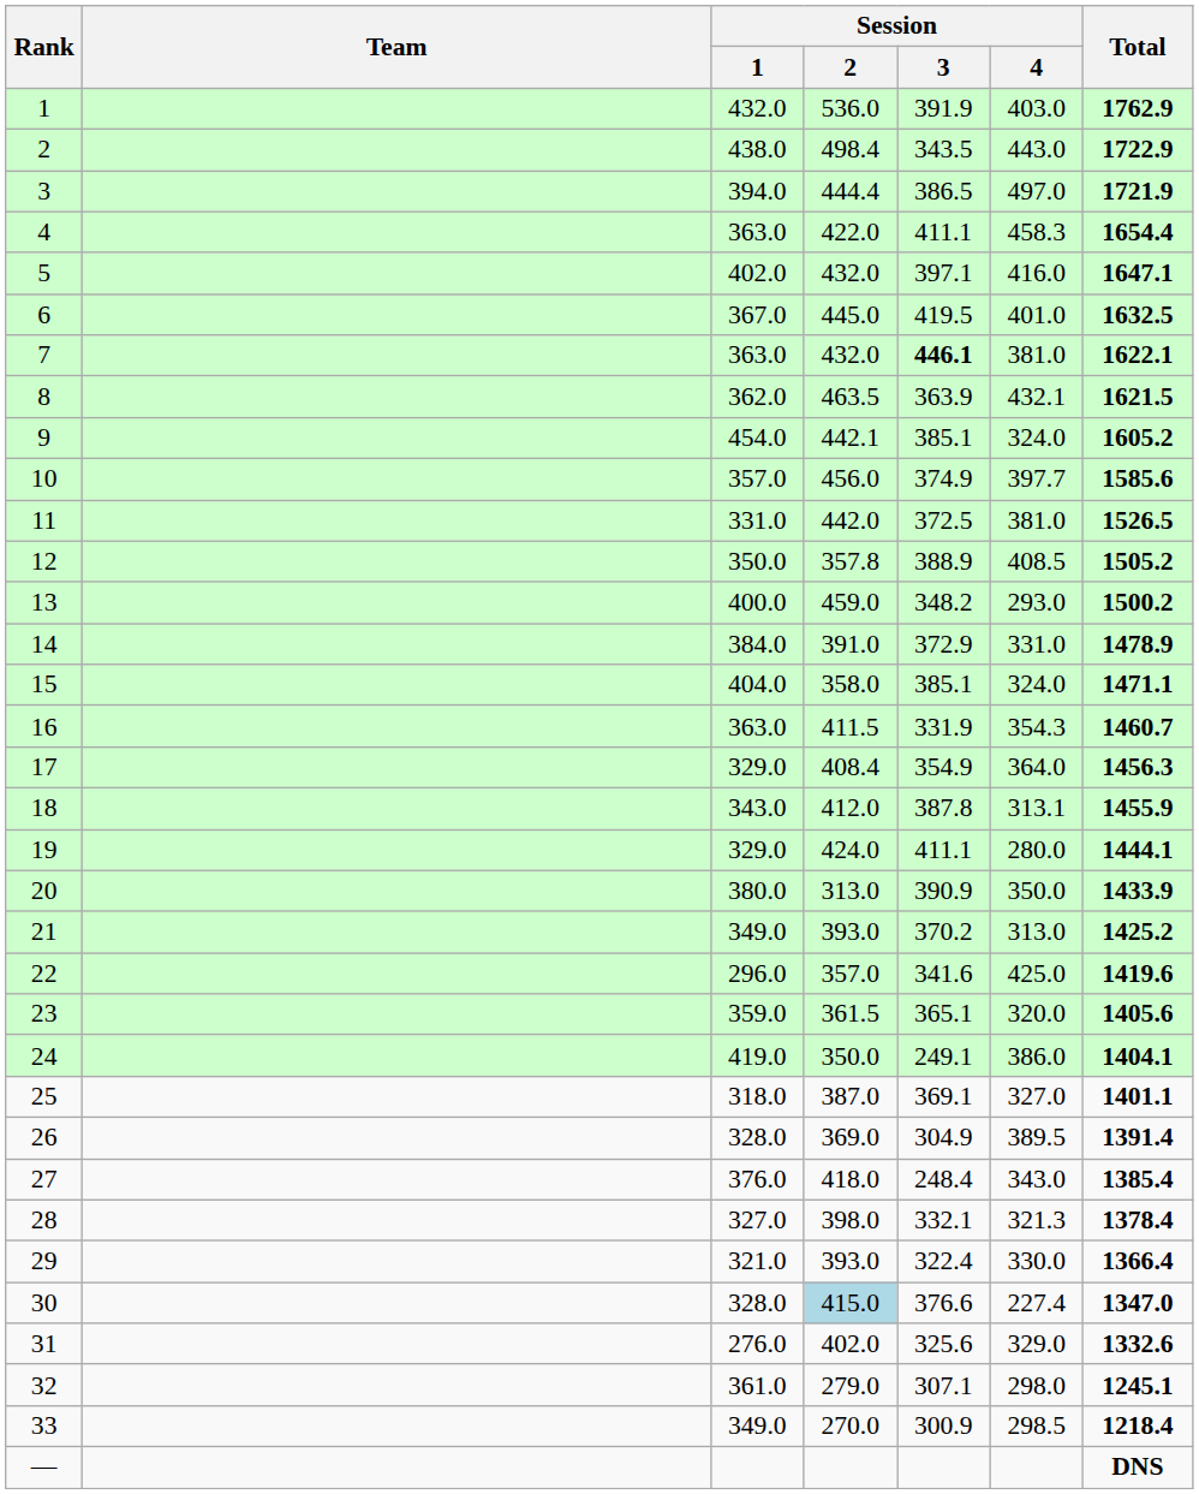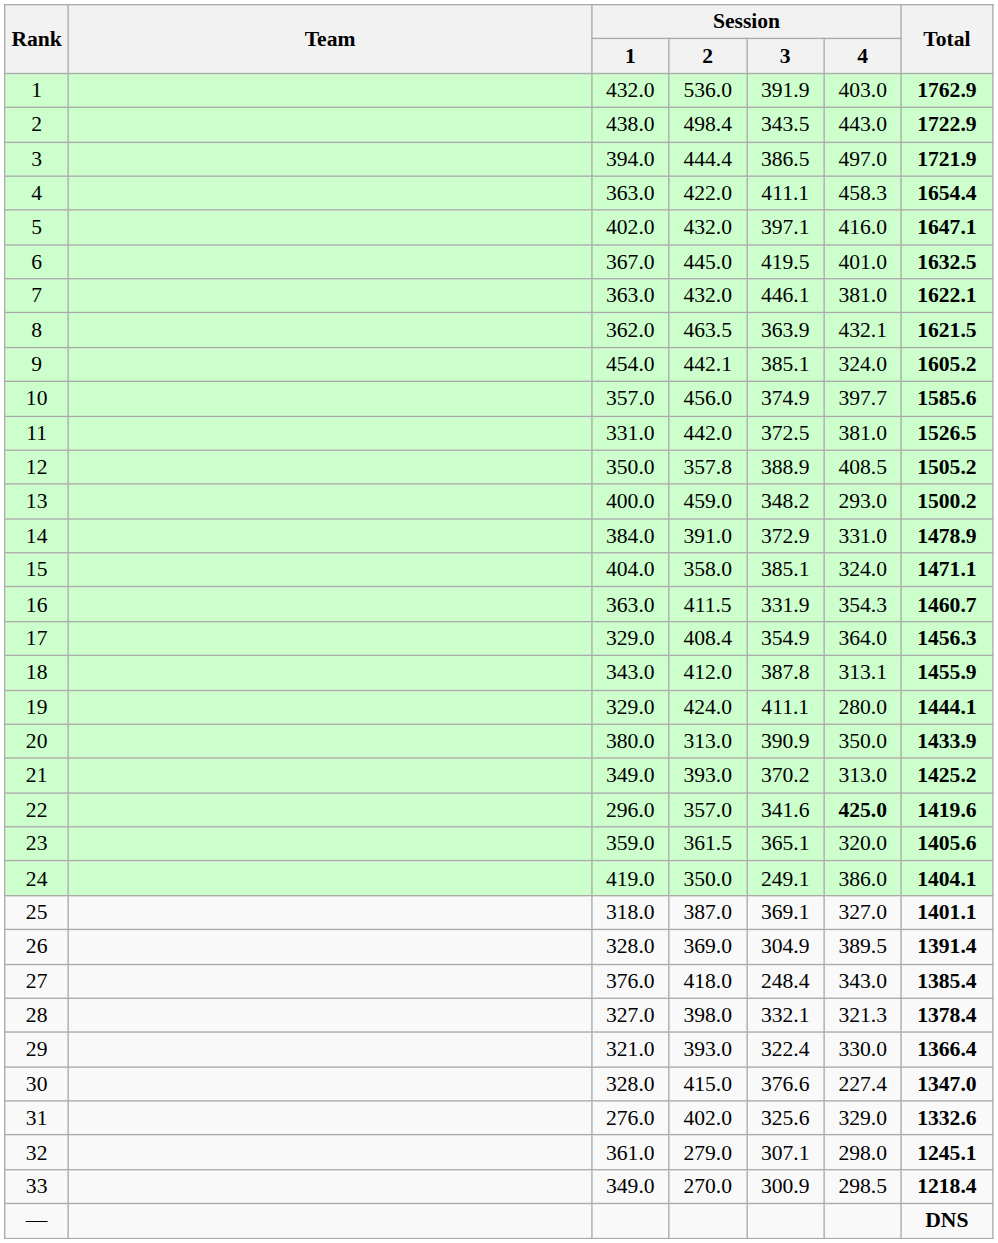 <table class=wikitable style="text-align:center">
 <tr>
 <th rowspan="2" width=40>Rank</th>
 <th rowspan="2" width=380>Team</th>
 <th colspan=4>Session</th>
 <th rowspan=2 width=60>Total</th>
 </tr>
 <tr>
 <th width=50>1</th>
 <th width=50>2</th>
 <th width=50>3</th>
 <th width=50>4</th>
 </tr>
 <tr bgcolor="ccffcc">
 <td>1</td>
 <td align=left></td>
 <td>432.0</td>
 <td>536.0</td>
 <td>391.9</td>
 <td>403.0</td>
 <td><strong>1762.9</strong></td>
 </tr>
 <tr bgcolor="ccffcc">
 <td>2</td>
 <td align=left></td>
 <td>438.0</td>
 <td>498.4</td>
 <td>343.5</td>
 <td>443.0</td>
 <td><strong>1722.9</strong></td>
 </tr>
 <tr bgcolor="ccffcc">
 <td>3</td>
 <td align=left></td>
 <td>394.0</td>
 <td>444.4</td>
 <td>386.5</td>
 <td>497.0</td>
 <td><strong>1721.9</strong></td>
 </tr>
 <tr bgcolor="ccffcc">
 <td>4</td>
 <td align=left></td>
 <td>363.0</td>
 <td>422.0</td>
 <td>411.1</td>
 <td>458.3</td>
 <td><strong>1654.4</strong></td>
 </tr>
 <tr bgcolor="ccffcc">
 <td>5</td>
 <td align=left></td>
 <td>402.0</td>
 <td>432.0</td>
 <td>397.1</td>
 <td>416.0</td>
 <td><strong>1647.1</strong></td>
 </tr>
 <tr bgcolor="ccffcc">
 <td>6</td>
 <td align=left></td>
 <td>367.0</td>
 <td>445.0</td>
 <td>419.5</td>
 <td>401.0</td>
 <td><strong>1632.5</strong></td>
 </tr>
 <tr bgcolor="ccffcc">
 <td>7</td>
 <td align=left></td>
 <td>363.0</td>
 <td>432.0</td>
-<td><strong>446.1</strong></td>
+<td>446.1</td>
 <td>381.0</td>
 <td><strong>1622.1</strong></td>
 </tr>
 <tr bgcolor="ccffcc">
 <td>8</td>
 <td align=left></td>
 <td>362.0</td>
 <td>463.5</td>
 <td>363.9</td>
 <td>432.1</td>
 <td><strong>1621.5</strong></td>
 </tr>
 <tr bgcolor="ccffcc">
 <td>9</td>
 <td align=left></td>
 <td>454.0</td>
 <td>442.1</td>
 <td>385.1</td>
 <td>324.0</td>
 <td><strong>1605.2</strong></td>
 </tr>
 <tr bgcolor="ccffcc">
 <td>10</td>
 <td align=left></td>
 <td>357.0</td>
 <td>456.0</td>
 <td>374.9</td>
 <td>397.7</td>
 <td><strong>1585.6</strong></td>
 </tr>
 <tr bgcolor="ccffcc">
 <td>11</td>
 <td align=left></td>
 <td>331.0</td>
 <td>442.0</td>
 <td>372.5</td>
 <td>381.0</td>
 <td><strong>1526.5</strong></td>
 </tr>
 <tr bgcolor="ccffcc">
 <td>12</td>
 <td align=left></td>
 <td>350.0</td>
 <td>357.8</td>
 <td>388.9</td>
 <td>408.5</td>
 <td><strong>1505.2</strong></td>
 </tr>
 <tr bgcolor="ccffcc">
 <td>13</td>
 <td align=left></td>
 <td>400.0</td>
 <td>459.0</td>
 <td>348.2</td>
 <td>293.0</td>
 <td><strong>1500.2</strong></td>
 </tr>
 <tr bgcolor="ccffcc">
 <td>14</td>
 <td align=left></td>
 <td>384.0</td>
 <td>391.0</td>
 <td>372.9</td>
 <td>331.0</td>
 <td><strong>1478.9</strong></td>
 </tr>
 <tr bgcolor="ccffcc">
 <td>15</td>
 <td align=left></td>
 <td>404.0</td>
 <td>358.0</td>
 <td>385.1</td>
 <td>324.0</td>
 <td><strong>1471.1</strong></td>
 </tr>
 <tr bgcolor="ccffcc">
 <td>16</td>
 <td align=left></td>
 <td>363.0</td>
 <td>411.5</td>
 <td>331.9</td>
 <td>354.3</td>
 <td><strong>1460.7</strong></td>
 </tr>
 <tr bgcolor="ccffcc">
 <td>17</td>
 <td align=left></td>
 <td>329.0</td>
 <td>408.4</td>
 <td>354.9</td>
 <td>364.0</td>
 <td><strong>1456.3</strong></td>
 </tr>
 <tr bgcolor="ccffcc">
 <td>18</td>
 <td align=left></td>
 <td>343.0</td>
 <td>412.0</td>
 <td>387.8</td>
 <td>313.1</td>
 <td><strong>1455.9</strong></td>
 </tr>
 <tr bgcolor="ccffcc">
 <td>19</td>
 <td align=left></td>
 <td>329.0</td>
 <td>424.0</td>
 <td>411.1</td>
 <td>280.0</td>
 <td><strong>1444.1</strong></td>
 </tr>
 <tr bgcolor="ccffcc">
 <td>20</td>
 <td align=left></td>
 <td>380.0</td>
 <td>313.0</td>
 <td>390.9</td>
 <td>350.0</td>
 <td><strong>1433.9</strong></td>
 </tr>
 <tr bgcolor="ccffcc">
 <td>21</td>
 <td align=left></td>
 <td>349.0</td>
 <td>393.0</td>
 <td>370.2</td>
 <td>313.0</td>
 <td><strong>1425.2</strong></td>
 </tr>
 <tr bgcolor="ccffcc">
 <td>22</td>
 <td align=left></td>
 <td>296.0</td>
 <td>357.0</td>
 <td>341.6</td>
-<td>425.0</td>
+<td><strong>425.0</strong></td>
 <td><strong>1419.6</strong></td>
 </tr>
 <tr bgcolor="ccffcc">
 <td>23</td>
 <td align=left></td>
 <td>359.0</td>
 <td>361.5</td>
 <td>365.1</td>
 <td>320.0</td>
 <td><strong>1405.6</strong></td>
 </tr>
 <tr bgcolor="ccffcc">
 <td>24</td>
 <td align=left></td>
 <td>419.0</td>
 <td>350.0</td>
 <td>249.1</td>
 <td>386.0</td>
 <td><strong>1404.1</strong></td>
 </tr>
 <tr>
 <td>25</td>
 <td align=left></td>
 <td>318.0</td>
 <td>387.0</td>
 <td>369.1</td>
 <td>327.0</td>
 <td><strong>1401.1</strong></td>
 </tr>
 <tr>
 <td>26</td>
 <td align=left></td>
 <td>328.0</td>
 <td>369.0</td>
 <td>304.9</td>
 <td>389.5</td>
 <td><strong>1391.4</strong></td>
 </tr>
 <tr>
 <td>27</td>
 <td align=left></td>
 <td>376.0</td>
 <td>418.0</td>
 <td>248.4</td>
 <td>343.0</td>
 <td><strong>1385.4</strong></td>
 </tr>
 <tr>
 <td>28</td>
 <td align=left></td>
 <td>327.0</td>
 <td>398.0</td>
 <td>332.1</td>
 <td>321.3</td>
 <td><strong>1378.4</strong></td>
 </tr>
 <tr>
 <td>29</td>
 <td align=left></td>
 <td>321.0</td>
 <td>393.0</td>
 <td>322.4</td>
 <td>330.0</td>
 <td><strong>1366.4</strong></td>
 </tr>
 <tr>
 <td>30</td>
 <td align=left></td>
 <td>328.0</td>
-<td style="background: lightblue;">415.0</td>
+<td>415.0</td>
 <td>376.6</td>
 <td>227.4</td>
 <td><strong>1347.0</strong></td>
 </tr>
 <tr>
 <td>31</td>
 <td align=left></td>
 <td>276.0</td>
 <td>402.0</td>
 <td>325.6</td>
 <td>329.0</td>
 <td><strong>1332.6</strong></td>
 </tr>
 <tr>
 <td>32</td>
 <td align=left></td>
 <td>361.0</td>
 <td>279.0</td>
 <td>307.1</td>
 <td>298.0</td>
 <td><strong>1245.1</strong></td>
 </tr>
 <tr>
 <td>33</td>
 <td align=left></td>
 <td>349.0</td>
 <td>270.0</td>
 <td>300.9</td>
 <td>298.5</td>
 <td><strong>1218.4</strong></td>
 </tr>
 <tr>
 <td>—</td>
 <td align=left></td>
 <td></td>
 <td></td>
 <td></td>
 <td></td>
 <td><strong>DNS</strong></td>
 </tr>
 </table>
